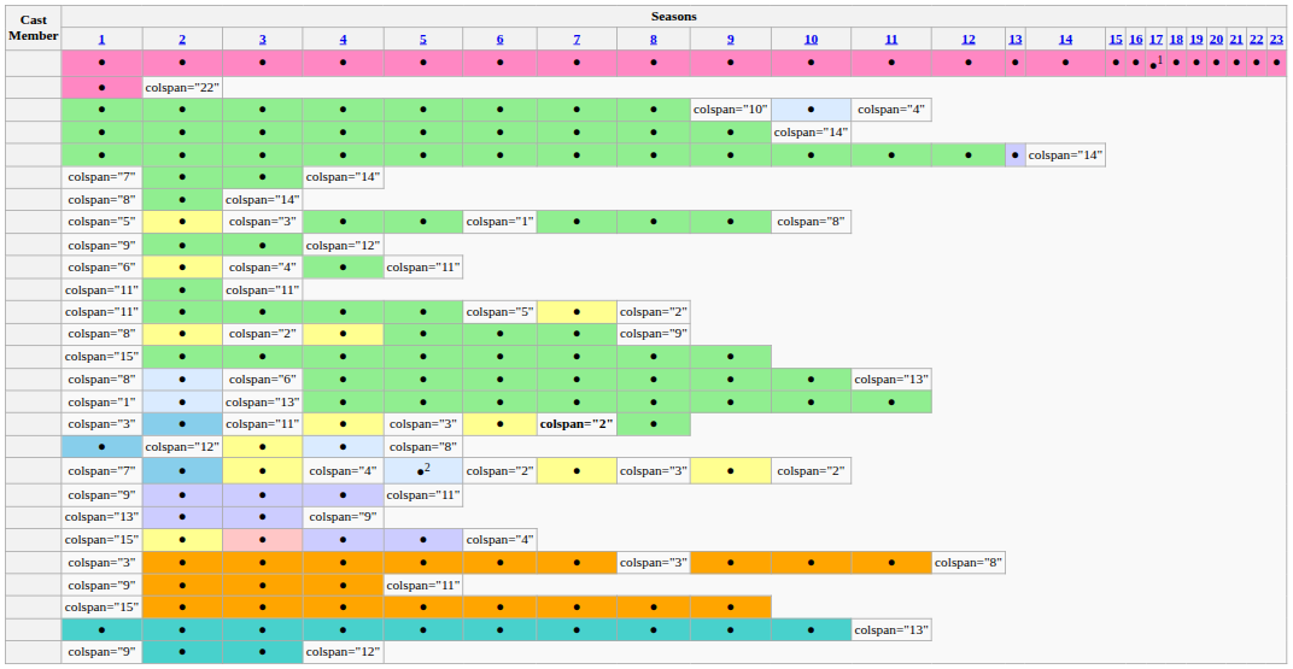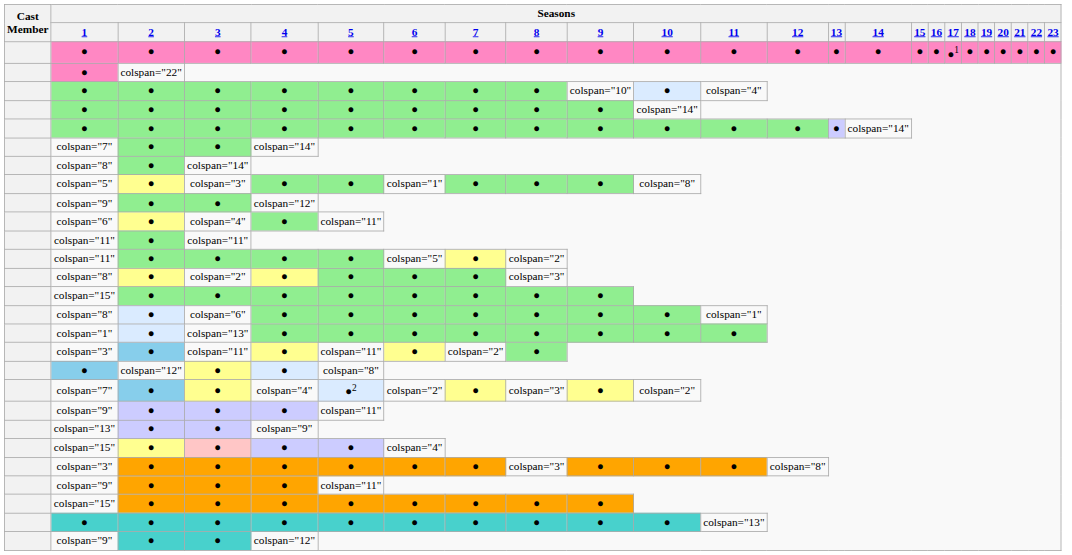 <table class="wikitable plainrowheaders collapsible mw-collapsible nowrap" style="text-align:center; font-size:85%">
 <tr>
 <th rowspan="2" scope="col">Cast Member</th>
 <th colspan="23" style="text-align:center" scope="col">Seasons</th>
 </tr>
 <tr>
 <th width="15"><a href='#'>1</a></th>
 <th width="15"><a href='#'>2</a></th>
 <th width="15"><a href='#'>3</a></th>
 <th width="15"><a href='#'>4</a></th>
 <th width="15"><a href='#'>5</a></th>
 <th width="15"><a href='#'>6</a></th>
 <th width="15"><a href='#'>7</a></th>
 <th width="15"><a href='#'>8</a></th>
 <th width="15"><a href='#'>9</a></th>
 <th width="15"><a href='#'>10</a></th>
 <th width="15"><a href='#'>11</a></th>
 <th width="15"><a href='#'>12</a></th>
 <th width="15"><a href='#'>13</a></th>
 <th width="15"><a href='#'>14</a></th>
 <th width="15"><a href='#'>15</a></th>
 <th width="15"><a href='#'>16</a></th>
 <th width="15"><a href='#'>17</a></th>
 <th width="15"><a href='#'>18</a></th>
 <th width="15"><a href='#'>19</a></th>
 <th width="15"><a href='#'>20</a></th>
 <th width="15"><a href='#'>21</a></th>
 <th width="15"><a href='#'>22</a></th>
 <th width="15"><a href='#'>23</a></th>
 </tr>
 <tr>
 <th scope="row" style="text-align:left"></th>
 <td bgcolor=#FF87C3>●</td>
 <td bgcolor=#FF87C3>●</td>
 <td bgcolor=#FF87C3>●</td>
 <td bgcolor=#FF87C3>●</td>
 <td bgcolor=#FF87C3>●</td>
 <td bgcolor=#FF87C3>●</td>
 <td bgcolor=#FF87C3>●</td>
 <td bgcolor=#FF87C3>●</td>
 <td bgcolor=#FF87C3>●</td>
 <td bgcolor=#FF87C3>●</td>
 <td bgcolor=#FF87C3>●</td>
 <td bgcolor=#FF87C3>●</td>
 <td bgcolor=#FF87C3>●</td>
 <td bgcolor=#FF87C3>●</td>
 <td bgcolor=#FF87C3>●</td>
 <td bgcolor=#FF87C3>●</td>
 <td bgcolor=#FF87C3>●<sup>1</sup></td>
 <td bgcolor=#FF87C3>●</td>
 <td bgcolor=#FF87C3>●</td>
 <td bgcolor=#FF87C3>●</td>
 <td bgcolor=#FF87C3>●</td>
 <td bgcolor=#FF87C3>●</td>
 <td bgcolor=#FF87C3>●</td>
 </tr>
 <tr>
 <th scope="row" style="text-align:left"></th>
 <td bgcolor=#FF87C3>●</td>
 <td>colspan="22" </td>
 </tr>
 <tr>
 <th scope="row" style="text-align:left"></th>
 <td bgcolor=#90EE90>●</td>
 <td bgcolor=#90EE90>●</td>
 <td bgcolor=#90EE90>●</td>
 <td bgcolor=#90EE90>●</td>
 <td bgcolor=#90EE90>●</td>
 <td bgcolor=#90EE90>●</td>
 <td bgcolor=#90EE90>●</td>
 <td bgcolor=#90EE90>●</td>
 <td>colspan="10" </td>
 <td bgcolor=#DAEBFF>●</td>
 <td>colspan="4" </td>
 </tr>
 <tr>
 <th scope="row" style="text-align:left"></th>
 <td bgcolor=#90EE90>●</td>
 <td bgcolor=#90EE90>●</td>
 <td bgcolor=#90EE90>●</td>
 <td bgcolor=#90EE90>●</td>
 <td bgcolor=#90EE90>●</td>
 <td bgcolor=#90EE90>●</td>
 <td bgcolor=#90EE90>●</td>
 <td bgcolor=#90EE90>●</td>
 <td bgcolor=#90EE90>●</td>
 <td>colspan="14" </td>
 </tr>
 <tr>
 <th scope="row" style="text-align:left"></th>
 <td bgcolor=#90EE90>●</td>
 <td bgcolor=#90EE90>●</td>
 <td bgcolor=#90EE90>●</td>
 <td bgcolor=#90EE90>●</td>
 <td bgcolor=#90EE90>●</td>
 <td bgcolor=#90EE90>●</td>
 <td bgcolor=#90EE90>●</td>
 <td bgcolor=#90EE90>●</td>
 <td bgcolor=#90EE90>●</td>
 <td bgcolor=#90EE90>●</td>
 <td bgcolor=#90EE90>●</td>
 <td bgcolor=#90EE90>●</td>
 <td bgcolor=#CCCCFF>●</td>
 <td>colspan="14" </td>
 </tr>
 <tr>
 <th scope="row" style="text-align:left"></th>
 <td>colspan="7" </td>
 <td bgcolor=#90EE90>●</td>
 <td bgcolor=#90EE90>●</td>
 <td>colspan="14" </td>
 </tr>
 <tr>
 <th scope="row" style="text-align:left"></th>
 <td>colspan="8" </td>
 <td bgcolor=#90EE90>●</td>
 <td>colspan="14" </td>
 </tr>
 <tr>
 <th scope="row" style="text-align:left"></th>
 <td>colspan="5" </td>
 <td bgcolor=#FFFF90>●</td>
 <td>colspan="3" </td>
 <td bgcolor=#90EE90>●</td>
 <td bgcolor=#90EE90>●</td>
 <td>colspan="1" </td>
 <td bgcolor=#90EE90>●</td>
 <td bgcolor=#90EE90>●</td>
 <td bgcolor=#90EE90>●</td>
 <td>colspan="8" </td>
 </tr>
 <tr>
 <th scope="row" style="text-align:left"></th>
 <td>colspan="9" </td>
 <td bgcolor=#90EE90>●</td>
 <td bgcolor=#90EE90>●</td>
 <td>colspan="12" </td>
 </tr>
 <tr>
 <th scope="row" style="text-align:left"></th>
 <td>colspan="6" </td>
 <td bgcolor=#FFFF90>●</td>
 <td>colspan="4" </td>
 <td bgcolor=#90EE90>●</td>
 <td>colspan="11" </td>
 </tr>
 <tr>
 <th scope="row" style="text-align:left"></th>
 <td>colspan="11" </td>
 <td bgcolor=#90EE90>●</td>
 <td>colspan="11" </td>
 </tr>
 <tr>
 <th scope="row" style="text-align:left"></th>
 <td>colspan="11" </td>
 <td bgcolor=#90EE90>●</td>
 <td bgcolor=#90EE90>●</td>
 <td bgcolor=#90EE90>●</td>
 <td bgcolor=#90EE90>●</td>
 <td>colspan="5" </td>
 <td bgcolor=#FFFF90>●</td>
 <td>colspan="2" </td>
 </tr>
 <tr>
 <th scope="row" style="text-align:left"></th>
 <td>colspan="8" </td>
 <td bgcolor=#FFFF90>●</td>
 <td>colspan="2" </td>
 <td bgcolor=#FFFF90>●</td>
 <td bgcolor=#90EE90>●</td>
 <td bgcolor=#90EE90>●</td>
 <td bgcolor=#90EE90>●</td>
-<td>colspan="9" </td>
+<td>colspan="3" </td>
 </tr>
 <tr>
 <th scope="row" style="text-align:left"></th>
 <td>colspan="15" </td>
 <td bgcolor=#90EE90>●</td>
 <td bgcolor=#90EE90>●</td>
 <td bgcolor=#90EE90>●</td>
 <td bgcolor=#90EE90>●</td>
 <td bgcolor=#90EE90>●</td>
 <td bgcolor=#90EE90>●</td>
 <td bgcolor=#90EE90>●</td>
 <td bgcolor=#90EE90>●</td>
 </tr>
 <tr>
 <th scope="row" style="text-align:left"></th>
 <td>colspan="8" </td>
 <td bgcolor=#DAEBFF>●</td>
 <td>colspan="6" </td>
 <td bgcolor=#90EE90>●</td>
 <td bgcolor=#90EE90>●</td>
 <td bgcolor=#90EE90>●</td>
 <td bgcolor=#90EE90>●</td>
 <td bgcolor=#90EE90>●</td>
 <td bgcolor=#90EE90>●</td>
 <td bgcolor=#90EE90>●</td>
-<td>colspan="13" </td>
+<td>colspan="1" </td>
 </tr>
 <tr>
 <th scope="row" style="text-align:left"></th>
 <td>colspan="1" </td>
 <td bgcolor=#DAEBFF>●</td>
 <td>colspan="13" </td>
 <td bgcolor=#90EE90>●</td>
 <td bgcolor=#90EE90>●</td>
 <td bgcolor=#90EE90>●</td>
 <td bgcolor=#90EE90>●</td>
 <td bgcolor=#90EE90>●</td>
 <td bgcolor=#90EE90>●</td>
 <td bgcolor=#90EE90>●</td>
 <td bgcolor=#90EE90>●</td>
 </tr>
 <tr>
 <th scope="row" style="text-align:left"></th>
 <td>colspan="3" </td>
 <td bgcolor=#87CEEB>●</td>
 <td>colspan="11" </td>
 <td bgcolor=#FFFF90>●</td>
-<td>colspan="3" </td>
+<td>colspan="11" </td>
 <td bgcolor=#FFFF90>●</td>
-<td><strong>colspan="2" </strong></td>
+<td>colspan="2" </td>
 <td bgcolor=#90EE90>●</td>
 </tr>
 <tr>
 <th scope="row" style="text-align:left"></th>
 <td bgcolor=#87CEEB>●</td>
 <td>colspan="12" </td>
 <td bgcolor=#FFFF90>●</td>
 <td bgcolor=#DAEBFF>●</td>
 <td>colspan="8" </td>
 </tr>
 <tr>
 <th scope="row" style="text-align:left"></th>
 <td>colspan="7" </td>
 <td bgcolor=#87CEEB>●</td>
 <td bgcolor=#FFFF90>●</td>
 <td>colspan="4" </td>
 <td bgcolor=#DAEBFF>●<sup>2</sup></td>
 <td>colspan="2" </td>
 <td bgcolor=#FFFF90>●</td>
 <td>colspan="3" </td>
 <td bgcolor=#FFFF90>●</td>
 <td>colspan="2" </td>
 </tr>
 <tr>
 <th scope="row" style="text-align:left"></th>
 <td>colspan="9" </td>
 <td bgcolor=#CCCCFF>●</td>
 <td bgcolor=#CCCCFF>●</td>
 <td bgcolor=#CCCCFF>●</td>
 <td>colspan="11" </td>
 </tr>
 <tr>
 <th scope="row" style="text-align:left"></th>
 <td>colspan="13" </td>
 <td bgcolor=#CCCCFF>●</td>
 <td bgcolor=#CCCCFF>●</td>
 <td>colspan="9" </td>
 </tr>
 <tr>
 <th scope="row" style="text-align:left"></th>
 <td>colspan="15" </td>
 <td bgcolor=#FFFF90>●</td>
 <td bgcolor=#FFC6C6>●</td>
 <td bgcolor=#CCCCFF>●</td>
 <td bgcolor=#CCCCFF>●</td>
 <td>colspan="4" </td>
 </tr>
 <tr>
 <th scope="row" style="text-align:left"></th>
 <td>colspan="3" </td>
 <td bgcolor=#FFA500>●</td>
 <td bgcolor=#FFA500>●</td>
 <td bgcolor=#FFA500>●</td>
 <td bgcolor=#FFA500>●</td>
 <td bgcolor=#FFA500>●</td>
 <td bgcolor=#FFA500>●</td>
 <td>colspan="3" </td>
 <td bgcolor=#FFA500>●</td>
 <td bgcolor=#FFA500>●</td>
 <td bgcolor=#FFA500>●</td>
 <td>colspan="8" </td>
 </tr>
 <tr>
 <th scope="row" style="text-align:left"></th>
 <td>colspan="9" </td>
 <td bgcolor=#FFA500>●</td>
 <td bgcolor=#FFA500>●</td>
 <td bgcolor=#FFA500>●</td>
 <td>colspan="11" </td>
 </tr>
 <tr>
 <th scope="row" style="text-align:left"></th>
 <td>colspan="15" </td>
 <td bgcolor=#FFA500>●</td>
 <td bgcolor=#FFA500>●</td>
 <td bgcolor=#FFA500>●</td>
 <td bgcolor=#FFA500>●</td>
 <td bgcolor=#FFA500>●</td>
 <td bgcolor=#FFA500>●</td>
 <td bgcolor=#FFA500>●</td>
 <td bgcolor=#FFA500>●</td>
 </tr>
 <tr>
 <th scope="row" style="text-align:left"></th>
 <td bgcolor=#48D1CC>●</td>
 <td bgcolor=#48D1CC>●</td>
 <td bgcolor=#48D1CC>●</td>
 <td bgcolor=#48D1CC>●</td>
 <td bgcolor=#48D1CC>●</td>
 <td bgcolor=#48D1CC>●</td>
 <td bgcolor=#48D1CC>●</td>
 <td bgcolor=#48D1CC>●</td>
 <td bgcolor=#48D1CC>●</td>
 <td bgcolor=#48D1CC>●</td>
 <td>colspan="13" </td>
 </tr>
 <tr>
 <th scope="row" style="text-align:left"></th>
 <td>colspan="9" </td>
 <td bgcolor=#48D1CC>●</td>
 <td bgcolor=#48D1CC>●</td>
 <td>colspan="12" </td>
 </tr>
 </table>
